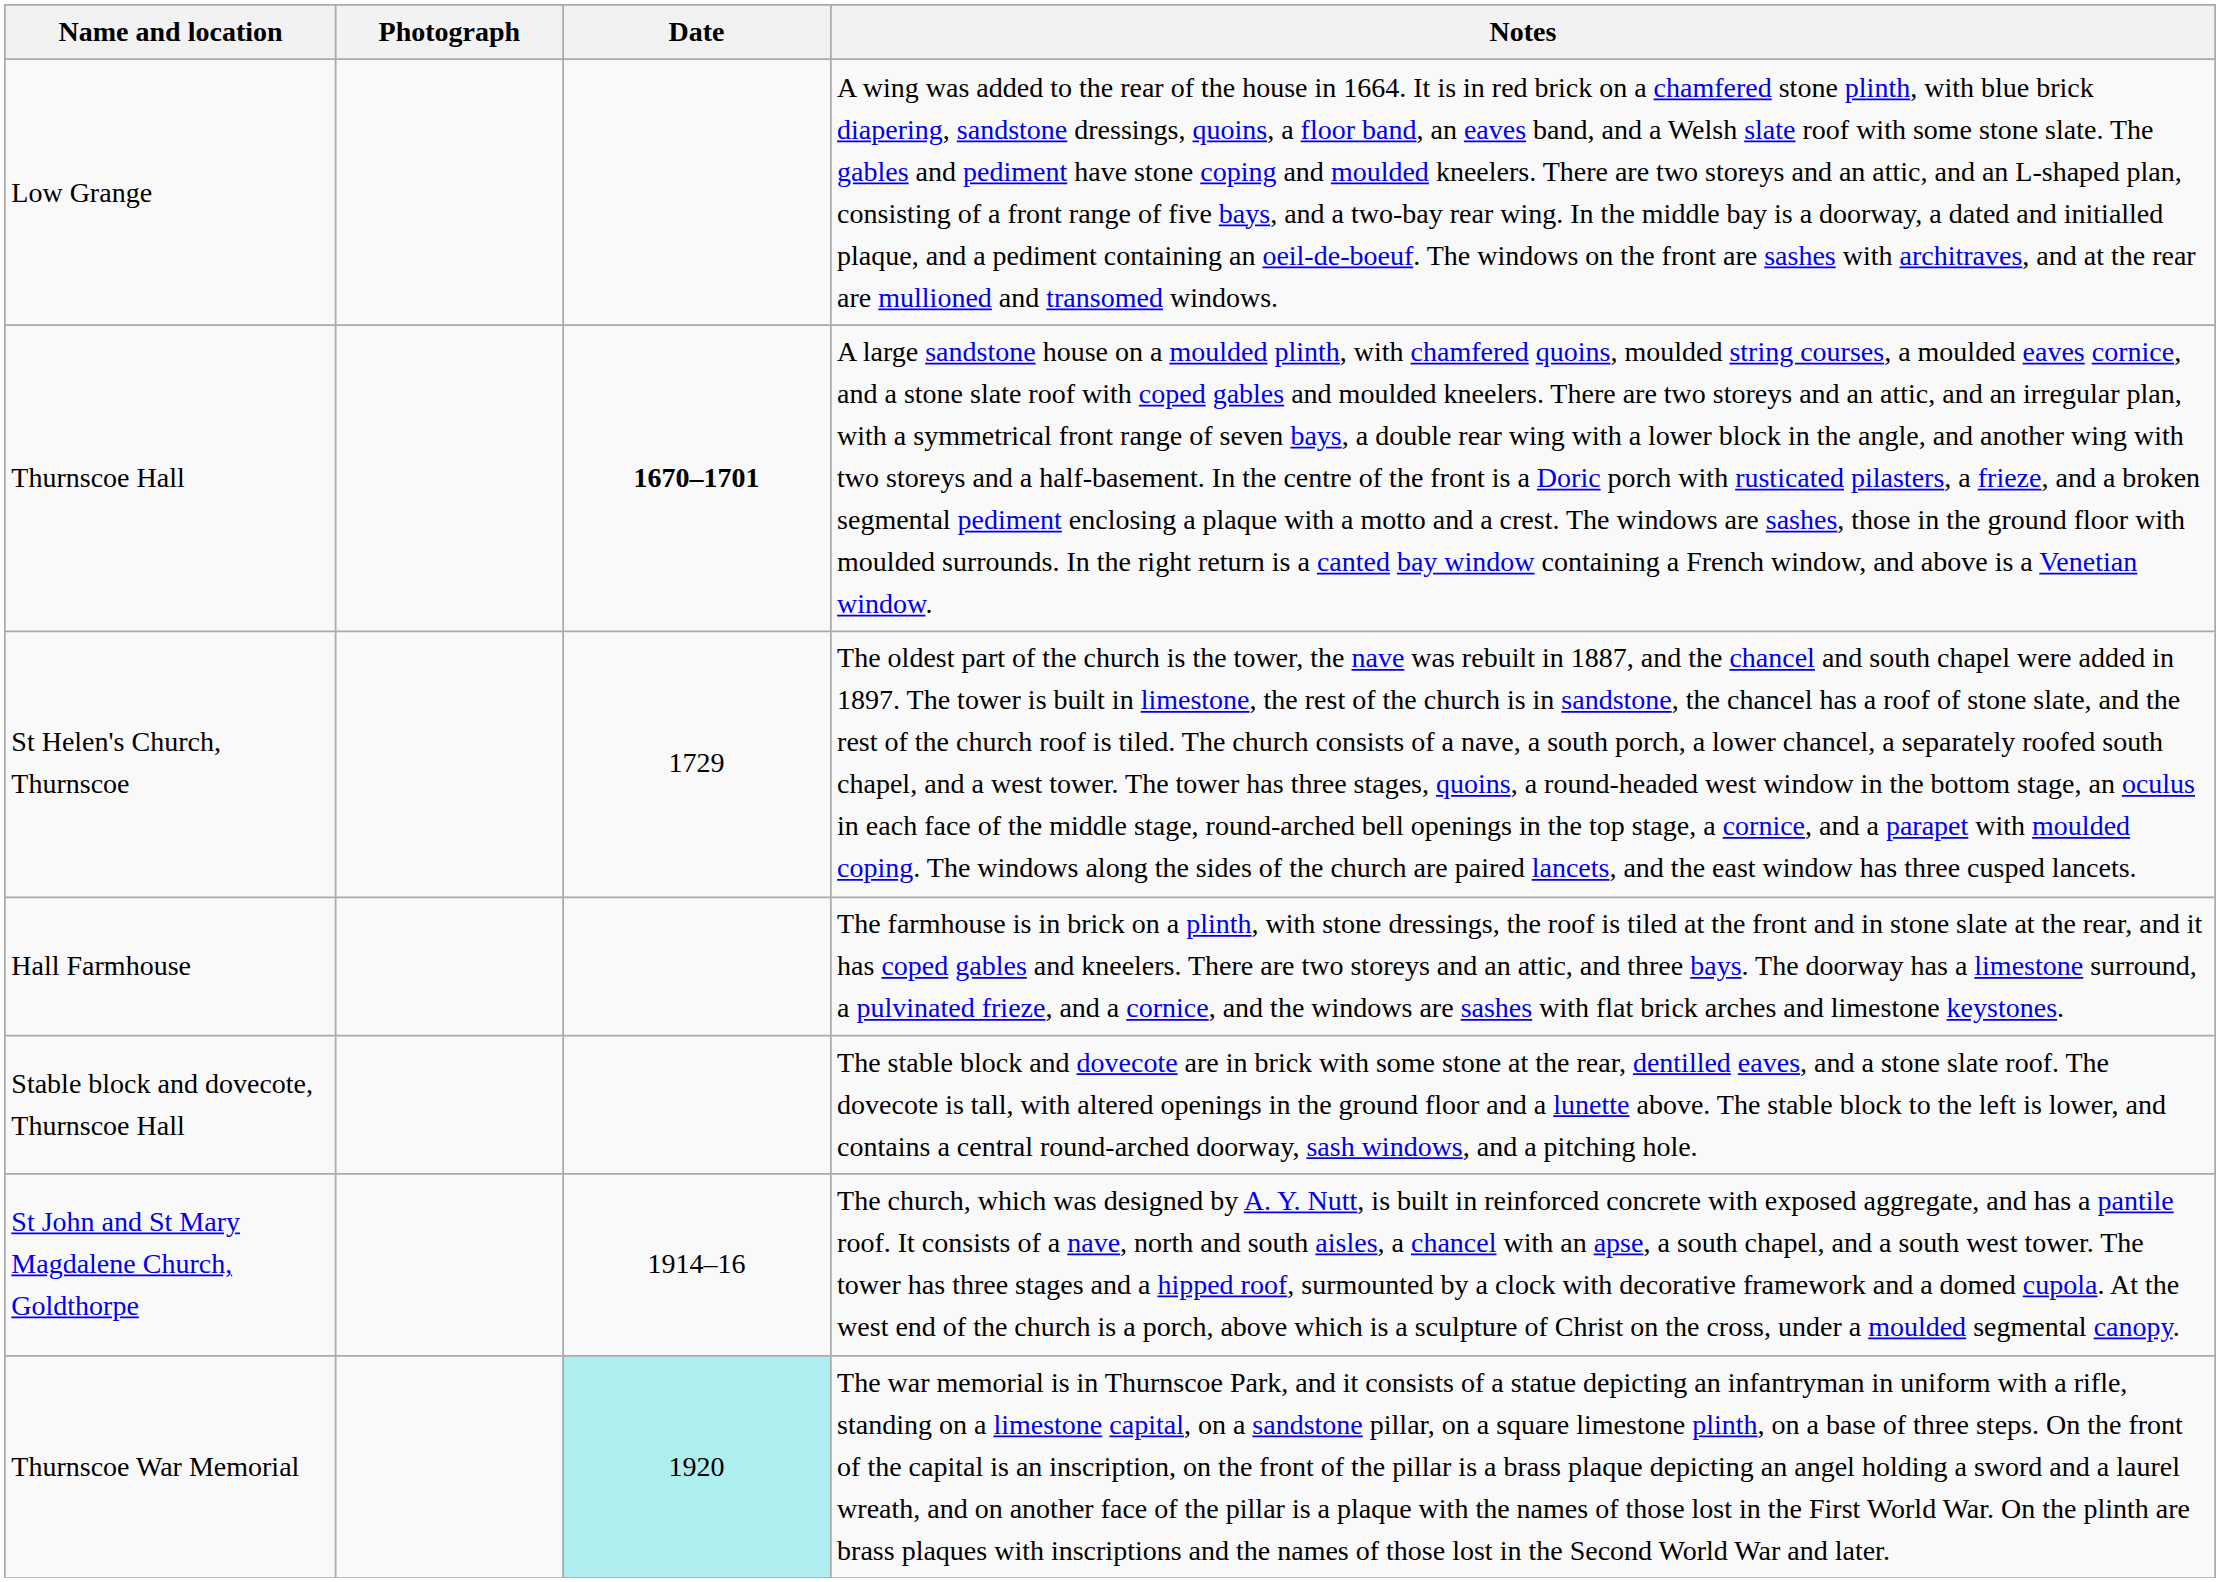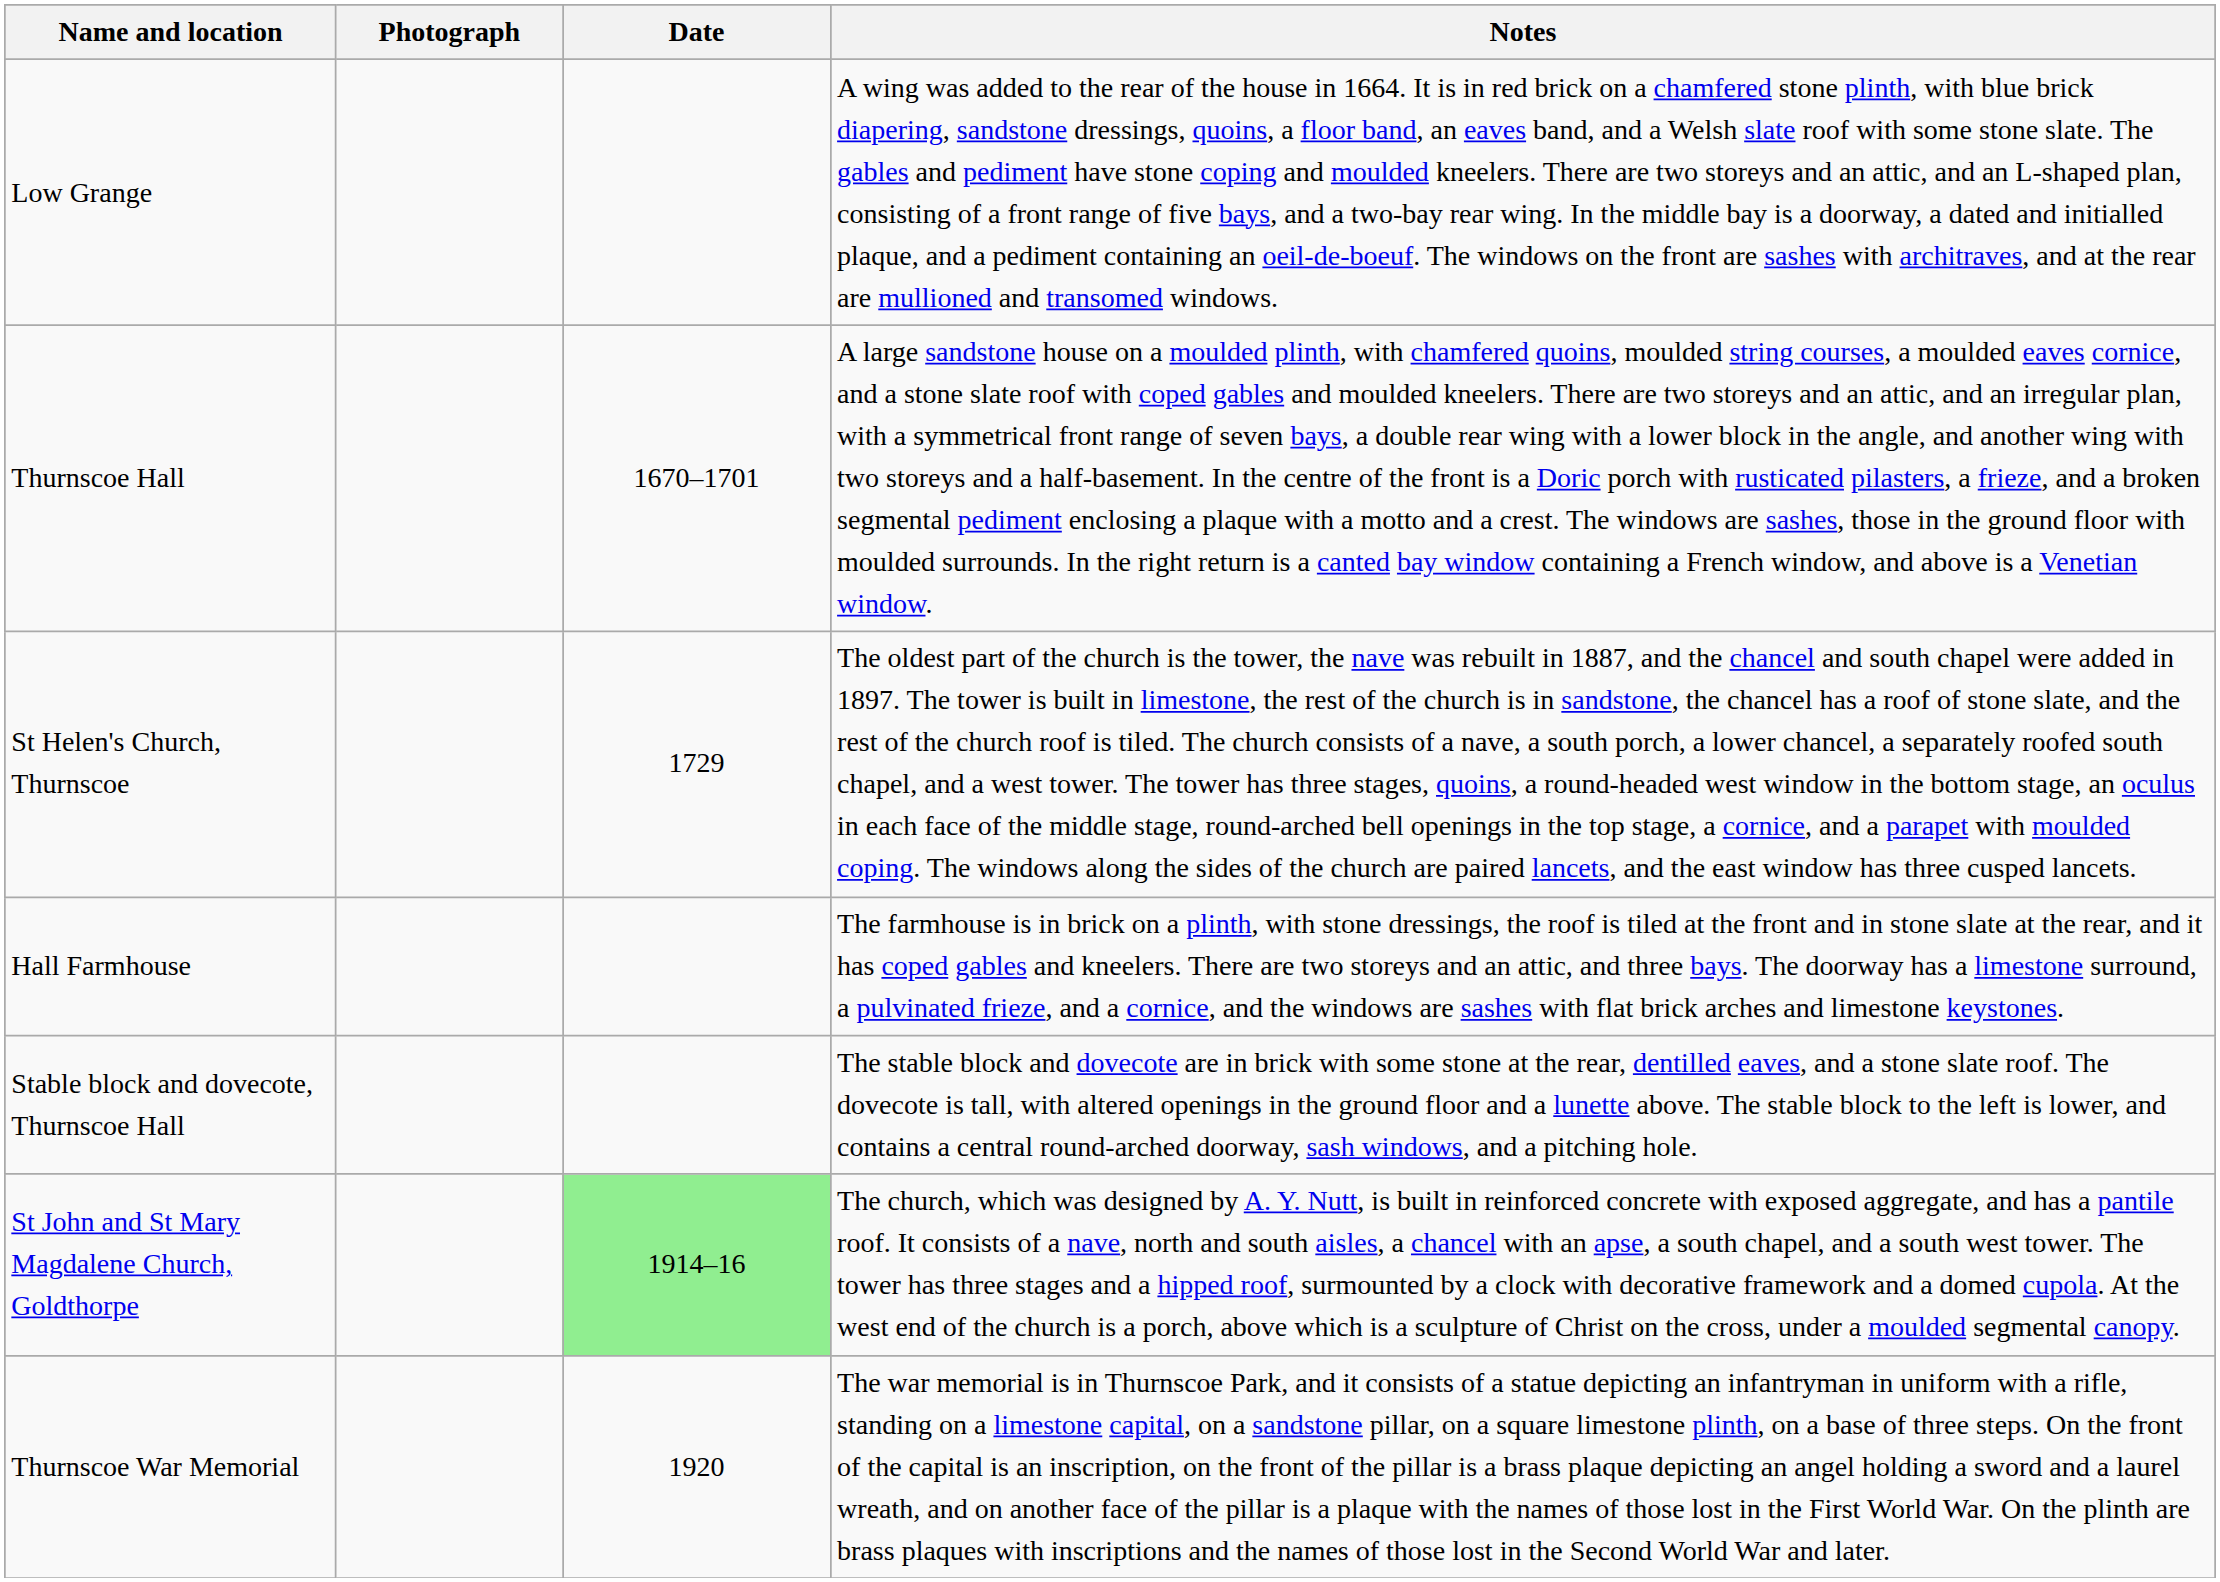 <table class="wikitable sortable plainrowheaders" style="width:100%;border:0px;text-align:left;line-height:150%;">
 <tr>
 <th scope="col"  style="width:150px">Name and location</th>
 <th scope="col"  style="width:100px" class="unsortable">Photograph</th>
 <th scope="col"  style="width:120px">Date</th>
 <th scope="col"  style="width:650px" class="unsortable">Notes</th>
 </tr>
 <tr>
 <td>Low Grange<br><small></small></td>
 <td></td>
 <td align="center"></td>
 <td>A wing was added to the rear of the house in 1664.  It is in red brick on a <a href='#'>chamfered</a> stone <a href='#'>plinth</a>, with blue brick <a href='#'>diapering</a>, <a href='#'>sandstone</a> dressings, <a href='#'>quoins</a>, a <a href='#'>floor band</a>, an <a href='#'>eaves</a> band, and a Welsh <a href='#'>slate</a> roof with some stone slate.  The <a href='#'>gables</a> and <a href='#'>pediment</a> have stone <a href='#'>coping</a> and <a href='#'>moulded</a> kneelers.  There are two storeys and an attic, and an L-shaped plan, consisting of a front range of five <a href='#'>bays</a>, and a two-bay rear wing.  In the middle bay is a doorway, a dated and initialled plaque, and a pediment containing an <a href='#'>oeil-de-boeuf</a>.  The windows on the front are <a href='#'>sashes</a> with <a href='#'>architraves</a>, and at the rear are <a href='#'>mullioned</a> and <a href='#'>transomed</a> windows.</td>
 </tr>
 <tr>
 <td>Thurnscoe Hall<br><small></small></td>
 <td></td>
-<td align="center"><strong>1670–1701</strong></td>
+<td align="center">1670–1701</td>
 <td>A large <a href='#'>sandstone</a> house on a <a href='#'>moulded</a> <a href='#'>plinth</a>, with <a href='#'>chamfered</a> <a href='#'>quoins</a>, moulded <a href='#'>string courses</a>, a moulded <a href='#'>eaves</a> <a href='#'>cornice</a>, and a stone slate roof with <a href='#'>coped</a> <a href='#'>gables</a> and moulded kneelers.  There are two storeys and an attic, and an irregular plan, with a symmetrical front range of seven <a href='#'>bays</a>, a double rear wing with a lower block in the angle, and another wing with two storeys and a half-basement.  In the centre of the front is a <a href='#'>Doric</a> porch with <a href='#'>rusticated</a> <a href='#'>pilasters</a>, a <a href='#'>frieze</a>, and a broken segmental <a href='#'>pediment</a> enclosing a plaque with a motto and a crest.  The windows are <a href='#'>sashes</a>, those in the ground floor with moulded surrounds.  In the right return is a <a href='#'>canted</a> <a href='#'>bay window</a> containing a French window, and above is a <a href='#'>Venetian window</a>.</td>
 </tr>
 <tr>
 <td>St Helen's Church, Thurnscoe<br><small></small></td>
 <td></td>
 <td align="center">1729</td>
 <td>The oldest part of the church is the tower, the <a href='#'>nave</a> was rebuilt in 1887, and the <a href='#'>chancel</a> and south chapel were added in 1897.  The tower is built in <a href='#'>limestone</a>, the rest of the church is in <a href='#'>sandstone</a>, the chancel has a roof of stone slate, and the rest of the church roof is tiled.  The church consists of a nave, a south porch, a lower chancel, a separately roofed south chapel, and a west tower.  The tower has three stages, <a href='#'>quoins</a>, a round-headed west window in the bottom stage, an <a href='#'>oculus</a> in each face of the middle stage, round-arched bell openings in the top stage, a <a href='#'>cornice</a>, and a <a href='#'>parapet</a> with <a href='#'>moulded</a> <a href='#'>coping</a>.  The windows along the sides of the church are paired <a href='#'>lancets</a>, and the east window has three cusped lancets.</td>
 </tr>
 <tr>
 <td>Hall Farmhouse<br><small></small></td>
 <td></td>
 <td align="center"></td>
 <td>The farmhouse is in brick on a <a href='#'>plinth</a>, with stone dressings, the roof is tiled at the front and in stone slate at the rear, and it has <a href='#'>coped</a> <a href='#'>gables</a> and kneelers.  There are two storeys and an attic, and three <a href='#'>bays</a>.  The doorway has a <a href='#'>limestone</a> surround, a <a href='#'>pulvinated frieze</a>, and a <a href='#'>cornice</a>, and the windows are <a href='#'>sashes</a> with flat brick arches and limestone <a href='#'>keystones</a>.</td>
 </tr>
 <tr>
 <td>Stable block and dovecote, Thurnscoe Hall<br><small></small></td>
 <td></td>
 <td align="center"></td>
 <td>The stable block and <a href='#'>dovecote</a> are in brick with some stone at the rear, <a href='#'>dentilled</a> <a href='#'>eaves</a>, and a stone slate roof.  The dovecote is tall, with altered openings in the ground floor and a <a href='#'>lunette</a> above.  The stable block to the left is lower, and contains a central round-arched doorway, <a href='#'>sash windows</a>, and a pitching hole.</td>
 </tr>
 <tr>
 <td><a href='#'>St John and St Mary Magdalene Church, Goldthorpe</a><br><small></small></td>
 <td></td>
-<td align="center">1914–16</td>
+<td align="center" style="background: lightgreen;">1914–16</td>
 <td>The church, which was designed by <a href='#'>A. Y. Nutt</a>, is built in reinforced concrete with exposed aggregate, and has a <a href='#'>pantile</a> roof.  It consists of a <a href='#'>nave</a>, north and south <a href='#'>aisles</a>, a <a href='#'>chancel</a> with an <a href='#'>apse</a>, a south chapel, and a south west tower.   The tower has three stages and a <a href='#'>hipped roof</a>, surmounted by a clock with decorative framework and a domed <a href='#'>cupola</a>.  At the west end of the church is a porch, above which is a sculpture of Christ on the cross, under a <a href='#'>moulded</a> segmental <a href='#'>canopy</a>.</td>
 </tr>
 <tr>
 <td>Thurnscoe War Memorial<br><small></small></td>
 <td></td>
-<td align="center" style="background: paleturquoise;">1920</td>
+<td align="center">1920</td>
 <td>The war memorial is in Thurnscoe Park, and it consists of a statue depicting an infantryman in uniform with a rifle, standing on a <a href='#'>limestone</a> <a href='#'>capital</a>, on a <a href='#'>sandstone</a> pillar, on a square limestone <a href='#'>plinth</a>, on a base of three steps.  On the front of the capital is an inscription, on the front of the pillar is a brass plaque depicting an angel holding a sword and a laurel wreath, and on another face of the pillar is a plaque with the names of those lost in the First World War.  On the plinth are brass plaques with inscriptions and the names of those lost in the Second World War and later.</td>
 </tr>
 <tr>
 </tr>
 </table>
